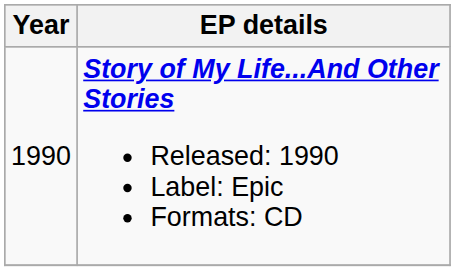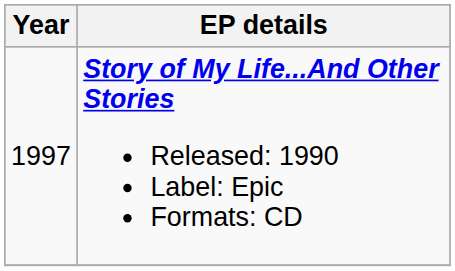 <table class="wikitable">
 <tr>
 <th>Year</th>
 <th width="215">EP details</th>
 </tr>
 <tr>
-<td>1990</td>
+<td>1997</td>
 <td><strong><em><a href='#'>Story of My Life...And Other Stories</a></em></strong><br><ul><li>Released: 1990</li><li>Label: Epic</li><li>Formats: CD</li></ul></td>
 </tr>
 <tr>
 </tr>
 </table>
